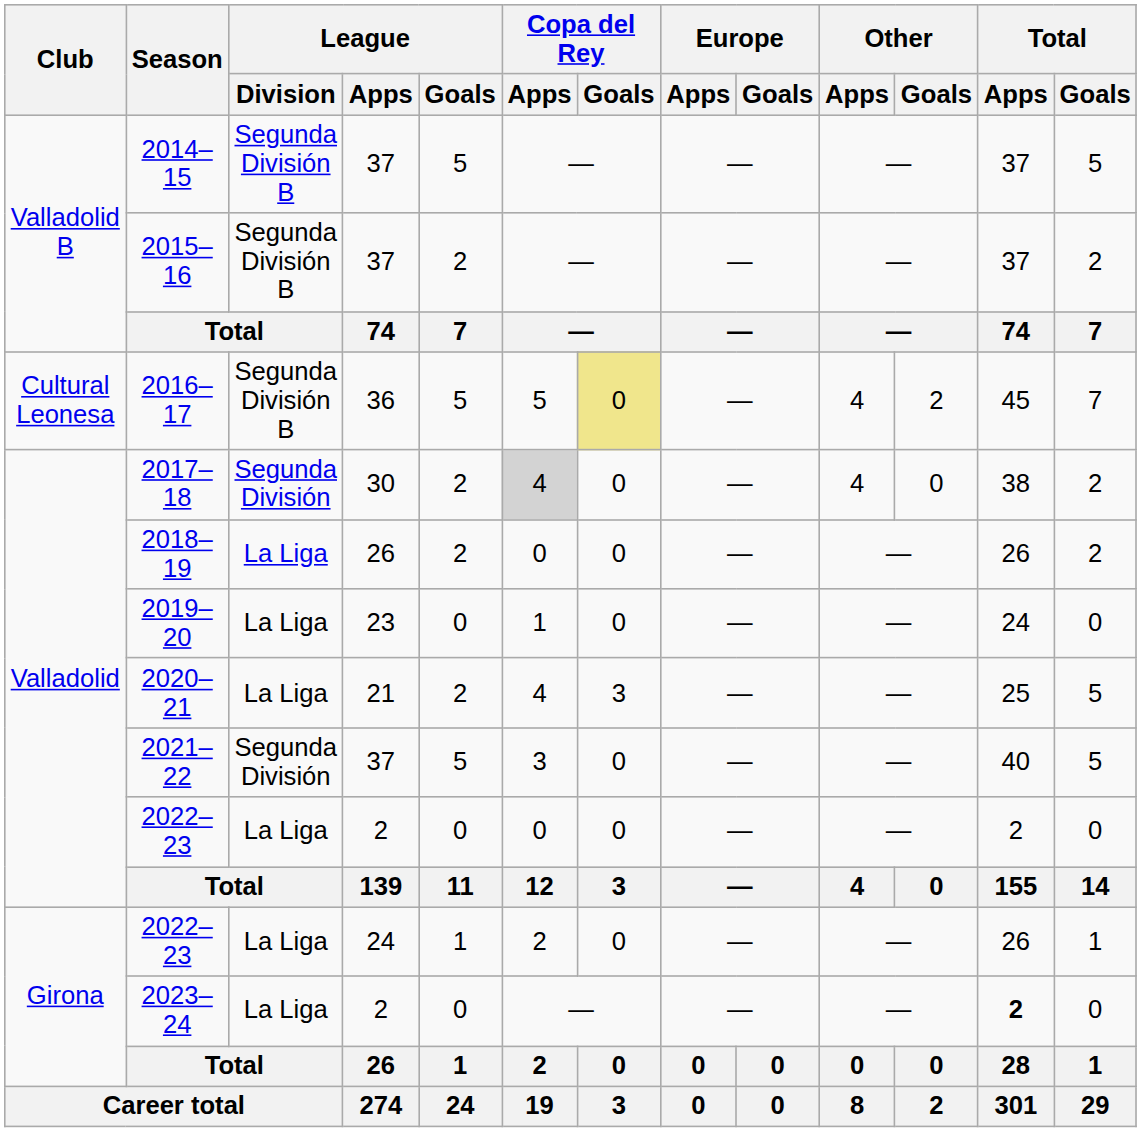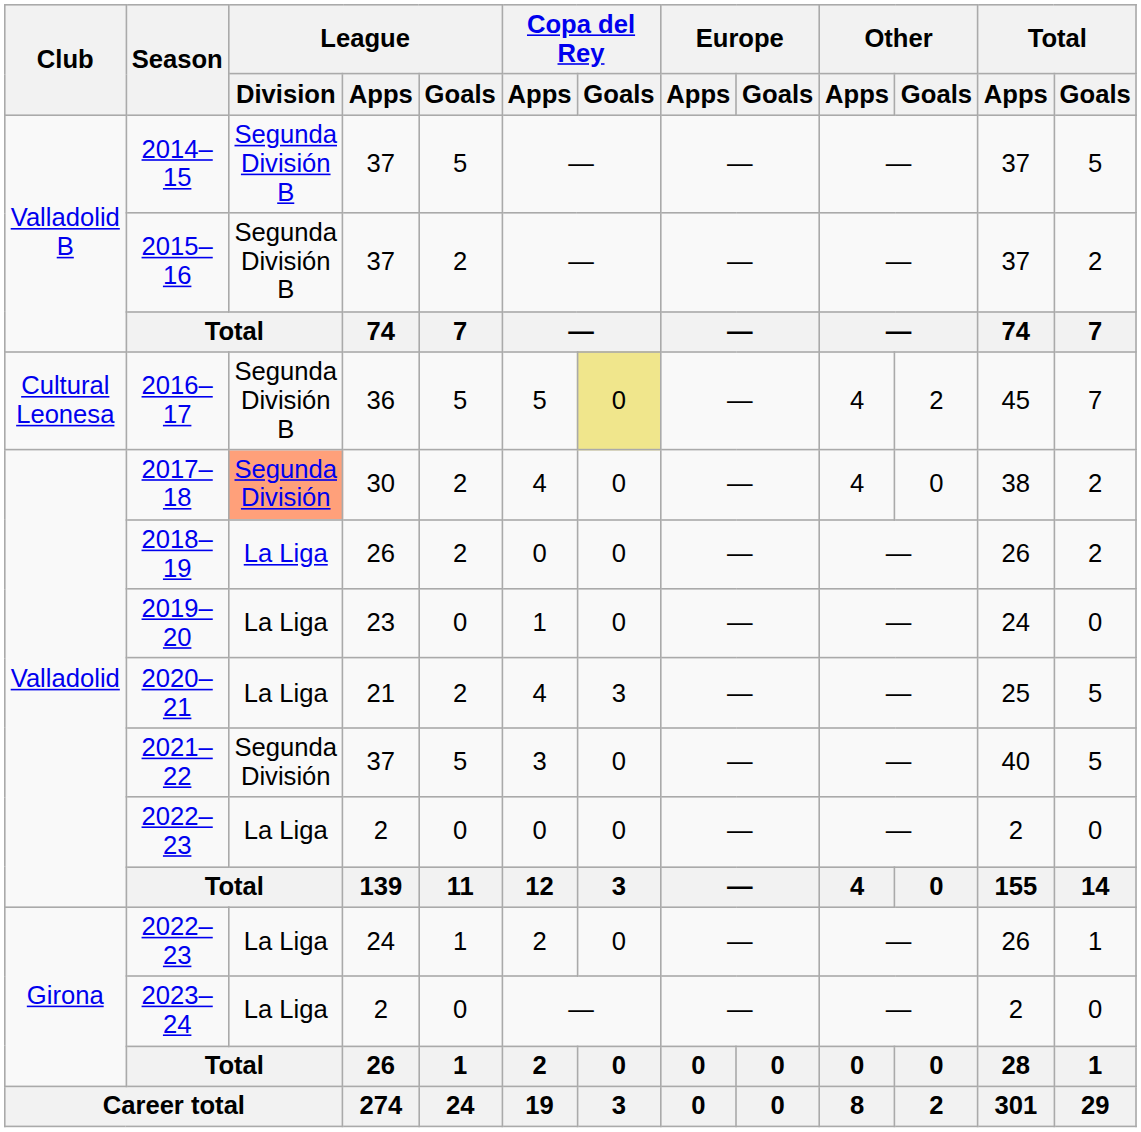 <table class="wikitable" style="text-align: center">
 <tr>
 <th rowspan="2">Club</th>
 <th rowspan="2">Season</th>
 <th colspan="3">League</th>
 <th colspan="2"><a href='#'>Copa del Rey</a></th>
 <th colspan="2">Europe</th>
 <th colspan="2">Other</th>
 <th colspan="2">Total</th>
 </tr>
 <tr>
 <th>Division</th>
 <th>Apps</th>
 <th>Goals</th>
 <th>Apps</th>
 <th>Goals</th>
 <th>Apps</th>
 <th>Goals</th>
 <th>Apps</th>
 <th>Goals</th>
 <th>Apps</th>
 <th>Goals</th>
 </tr>
 <tr>
 <td rowspan="3"><a href='#'>Valladolid B</a></td>
 <td><a href='#'>2014–15</a></td>
 <td><a href='#'>Segunda División B</a></td>
 <td>37</td>
 <td>5</td>
 <td colspan="2">—</td>
 <td colspan="2">—</td>
 <td colspan="2">—</td>
 <td>37</td>
 <td>5</td>
 </tr>
 <tr>
 <td><a href='#'>2015–16</a></td>
 <td>Segunda División B</td>
 <td>37</td>
 <td>2</td>
 <td colspan="2">—</td>
 <td colspan="2">—</td>
 <td colspan="2">—</td>
 <td>37</td>
 <td>2</td>
 </tr>
 <tr>
 <th colspan="2">Total</th>
 <th>74</th>
 <th>7</th>
 <th colspan="2">—</th>
 <th colspan="2">—</th>
 <th colspan="2">—</th>
 <th>74</th>
 <th>7</th>
 </tr>
 <tr>
 <td><a href='#'>Cultural Leonesa</a></td>
 <td><a href='#'>2016–17</a></td>
 <td>Segunda División B</td>
 <td>36</td>
 <td>5</td>
 <td>5</td>
 <td style="background: khaki;">0</td>
 <td colspan="2">—</td>
 <td>4</td>
 <td>2</td>
 <td>45</td>
 <td>7</td>
 </tr>
 <tr>
 <td rowspan="7"><a href='#'>Valladolid</a></td>
 <td><a href='#'>2017–18</a></td>
-<td><a href='#'>Segunda División</a></td>
+<td style="background: lightsalmon;"><a href='#'>Segunda División</a></td>
 <td>30</td>
 <td>2</td>
-<td style="background: lightgrey;">4</td>
+<td>4</td>
 <td>0</td>
 <td colspan="2">—</td>
 <td>4</td>
 <td>0</td>
 <td>38</td>
 <td>2</td>
 </tr>
 <tr>
 <td><a href='#'>2018–19</a></td>
 <td><a href='#'>La Liga</a></td>
 <td>26</td>
 <td>2</td>
 <td>0</td>
 <td>0</td>
 <td colspan="2">—</td>
 <td colspan="2">—</td>
 <td>26</td>
 <td>2</td>
 </tr>
 <tr>
 <td><a href='#'>2019–20</a></td>
 <td>La Liga</td>
 <td>23</td>
 <td>0</td>
 <td>1</td>
 <td>0</td>
 <td colspan="2">—</td>
 <td colspan="2">—</td>
 <td>24</td>
 <td>0</td>
 </tr>
 <tr>
 <td><a href='#'>2020–21</a></td>
 <td>La Liga</td>
 <td>21</td>
 <td>2</td>
 <td>4</td>
 <td>3</td>
 <td colspan="2">—</td>
 <td colspan="2">—</td>
 <td>25</td>
 <td>5</td>
 </tr>
 <tr>
 <td><a href='#'>2021–22</a></td>
 <td>Segunda División</td>
 <td>37</td>
 <td>5</td>
 <td>3</td>
 <td>0</td>
 <td colspan="2">—</td>
 <td colspan="2">—</td>
 <td>40</td>
 <td>5</td>
 </tr>
 <tr>
 <td><a href='#'>2022–23</a></td>
 <td>La Liga</td>
 <td>2</td>
 <td>0</td>
 <td>0</td>
 <td>0</td>
 <td colspan="2">—</td>
 <td colspan="2">—</td>
 <td>2</td>
 <td>0</td>
 </tr>
 <tr>
 <th colspan="2">Total</th>
 <th>139</th>
 <th>11</th>
 <th>12</th>
 <th>3</th>
 <th colspan="2">—</th>
 <th>4</th>
 <th>0</th>
 <th>155</th>
 <th>14</th>
 </tr>
 <tr>
 <td rowspan="3"><a href='#'>Girona</a></td>
 <td><a href='#'>2022–23</a></td>
 <td>La Liga</td>
 <td>24</td>
 <td>1</td>
 <td>2</td>
 <td>0</td>
 <td colspan="2">—</td>
 <td colspan="2">—</td>
 <td>26</td>
 <td>1</td>
 </tr>
 <tr>
 <td><a href='#'>2023–24</a></td>
 <td>La Liga</td>
 <td>2</td>
 <td>0</td>
 <td colspan="2">—</td>
 <td colspan="2">—</td>
 <td colspan="2">—</td>
-<td><strong>2</strong></td>
+<td>2</td>
 <td>0</td>
 </tr>
 <tr>
 <th colspan="2">Total</th>
 <th>26</th>
 <th>1</th>
 <th>2</th>
 <th>0</th>
 <th>0</th>
 <th>0</th>
 <th>0</th>
 <th>0</th>
 <th>28</th>
 <th>1</th>
 </tr>
 <tr>
 <th colspan="3">Career total</th>
 <th>274</th>
 <th>24</th>
 <th>19</th>
 <th>3</th>
 <th>0</th>
 <th>0</th>
 <th>8</th>
 <th>2</th>
 <th>301</th>
 <th>29</th>
 </tr>
 </table>
